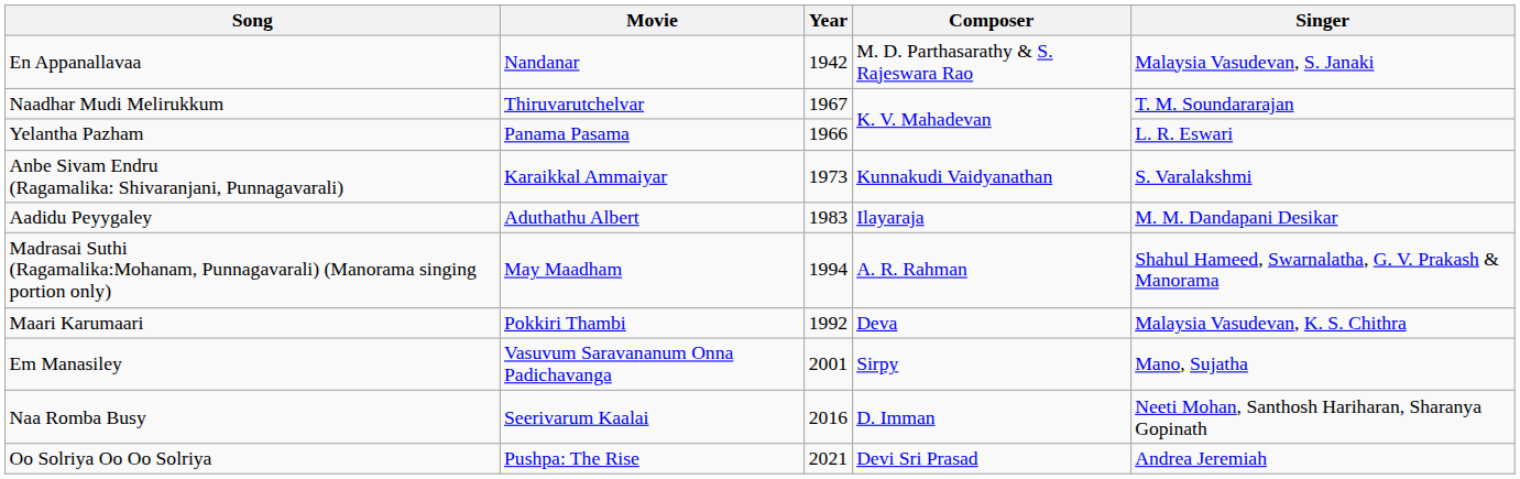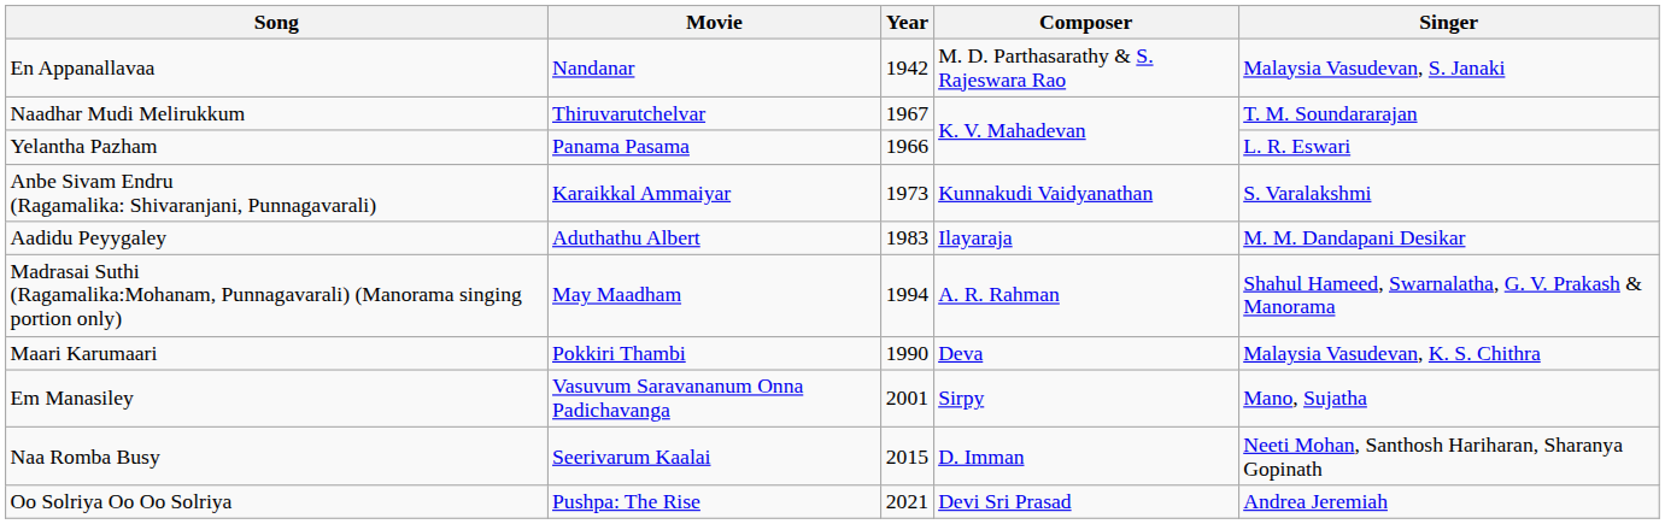 <table class="wikitable">
 <tr>
 <th>Song</th>
 <th>Movie</th>
 <th>Year</th>
 <th>Composer</th>
 <th>Singer</th>
 </tr>
 <tr>
 <td>En Appanallavaa</td>
 <td><a href='#'>Nandanar</a></td>
 <td>1942</td>
 <td>M. D. Parthasarathy & <a href='#'>S. Rajeswara Rao</a></td>
 <td><a href='#'>Malaysia Vasudevan</a>, <a href='#'>S. Janaki</a></td>
 </tr>
 <tr>
 <td>Naadhar Mudi Melirukkum</td>
 <td><a href='#'>Thiruvarutchelvar</a></td>
 <td>1967</td>
 <td rowspan=2><a href='#'>K. V. Mahadevan</a></td>
 <td><a href='#'>T. M. Soundararajan</a></td>
 </tr>
 <tr>
 <td>Yelantha Pazham</td>
 <td><a href='#'>Panama Pasama</a></td>
 <td>1966</td>
 <td><a href='#'>L. R. Eswari</a></td>
 </tr>
 <tr>
 <td>Anbe Sivam Endru<br>(Ragamalika: Shivaranjani, Punnagavarali)</td>
 <td><a href='#'>Karaikkal Ammaiyar</a></td>
 <td>1973</td>
 <td><a href='#'>Kunnakudi Vaidyanathan</a></td>
 <td><a href='#'>S. Varalakshmi</a></td>
 </tr>
 <tr>
 <td>Aadidu Peyygaley</td>
 <td><a href='#'>Aduthathu Albert</a></td>
 <td>1983</td>
 <td><a href='#'>Ilayaraja</a></td>
 <td><a href='#'>M. M. Dandapani Desikar</a></td>
 </tr>
 <tr>
 <td>Madrasai Suthi<br>(Ragamalika:Mohanam, Punnagavarali) (Manorama singing portion only)</td>
 <td><a href='#'>May Maadham</a></td>
 <td>1994</td>
 <td><a href='#'>A. R. Rahman</a></td>
 <td><a href='#'>Shahul Hameed</a>, <a href='#'>Swarnalatha</a>, <a href='#'>G. V. Prakash</a> & <a href='#'>Manorama</a></td>
 </tr>
 <tr>
 <td>Maari Karumaari</td>
 <td><a href='#'>Pokkiri Thambi</a></td>
-<td>1992</td>
+<td>1990</td>
 <td><a href='#'>Deva</a></td>
 <td><a href='#'>Malaysia Vasudevan</a>, <a href='#'>K. S. Chithra</a></td>
 </tr>
 <tr>
 <td>Em Manasiley</td>
 <td><a href='#'>Vasuvum Saravananum Onna Padichavanga</a></td>
 <td>2001</td>
 <td><a href='#'>Sirpy</a></td>
 <td><a href='#'>Mano</a>, <a href='#'>Sujatha</a></td>
 </tr>
 <tr>
 <td>Naa Romba Busy</td>
 <td><a href='#'>Seerivarum Kaalai</a></td>
-<td>2016</td>
+<td>2015</td>
 <td><a href='#'>D. Imman</a></td>
 <td><a href='#'>Neeti Mohan</a>, Santhosh Hariharan, Sharanya Gopinath</td>
 </tr>
 <tr>
 <td>Oo Solriya Oo Oo Solriya</td>
 <td><a href='#'>Pushpa: The Rise</a></td>
 <td>2021</td>
 <td><a href='#'>Devi Sri Prasad</a></td>
 <td><a href='#'>Andrea Jeremiah</a></td>
 </tr>
 </table>
